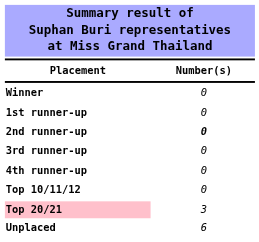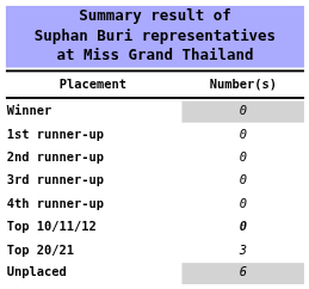 <table style="width: 270px; font-size:85%; line-height:1.5em;">
 <tr>
 <th colspan="2" align="center" style="background:#AAF;"><big>Summary result of<br>Suphan Buri representatives<br>at Miss Grand Thailand</big></th>
 </tr>
 <tr>
 <td colspan="2" style="background:black"></td>
 </tr>
 <tr>
 <th scope="col">Placement</th>
 <th scope="col">Number(s)</th>
 </tr>
 <tr>
 <td colspan="2" style="background:black"></td>
 </tr>
 <tr>
 <td align="left"><strong>Winner</strong></td>
-<td align="center"><em>0</em></td>
+<td align="center" style="background: lightgrey;"><em>0</em></td>
 </tr>
 <tr>
 <td align="left"><strong>1st runner-up</strong></td>
 <td align="center"><em>0</em></td>
 </tr>
 <tr>
 <td align="left"><strong>2nd runner-up</strong></td>
-<td align="center"><strong><em>0</em></strong></td>
+<td align="center"><em>0</em></td>
 </tr>
 <tr>
 <td align="left"><strong>3rd runner-up</strong></td>
 <td align="center"><em>0</em></td>
 </tr>
 <tr>
 <td align="left"><strong>4th runner-up</strong></td>
 <td align="center"><em>0</em></td>
 </tr>
 <tr>
 <td align="left"><strong>Top 10/11/12</strong></td>
-<td align="center"><em>0</em></td>
+<td align="center"><strong><em>0</em></strong></td>
 </tr>
 <tr>
-<td align="left" style="background: pink;"><strong>Top 20/21</strong></td>
+<td align="left"><strong>Top 20/21</strong></td>
 <td align="center"><em>3</em></td>
 </tr>
 <tr>
 <td align="left"><strong>Unplaced</strong></td>
-<td align="center"><em>6</em></td>
+<td align="center" style="background: lightgrey;"><em>6</em></td>
 </tr>
 </table>
